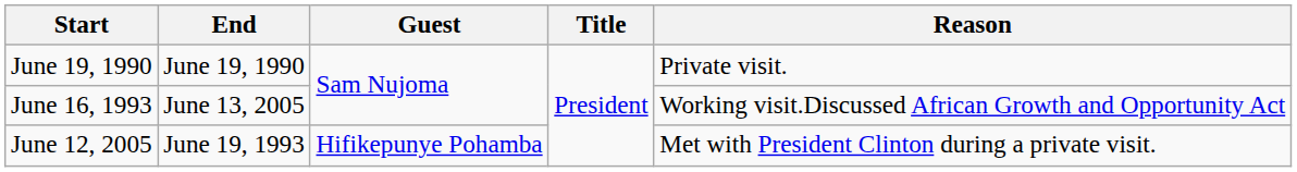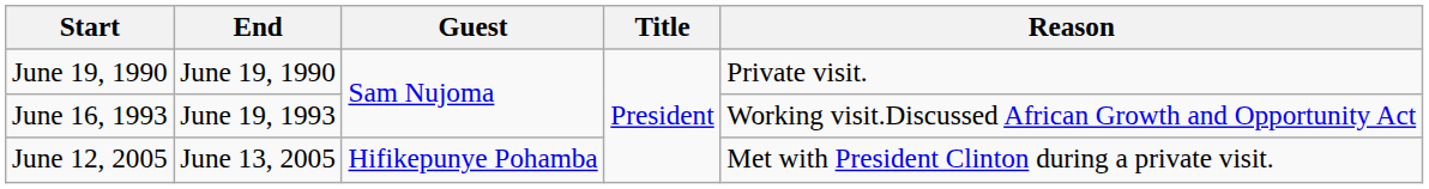 <table class="wikitable sortable">
 <tr>
 <th>Start</th>
 <th>End</th>
 <th>Guest</th>
 <th>Title</th>
 <th>Reason</th>
 </tr>
 <tr>
 <td>June 19, 1990</td>
 <td>June 19, 1990</td>
 <td rowspan=2><a href='#'>Sam Nujoma</a></td>
 <td rowspan=3><a href='#'>President</a></td>
 <td>Private visit.</td>
 </tr>
 <tr>
 <td>June 16, 1993</td>
-<td>June 13, 2005</td>
+<td>June 19, 1993</td>
 <td>Working visit.Discussed <a href='#'>African Growth and Opportunity Act</a></td>
 </tr>
 <tr>
 <td>June 12, 2005</td>
-<td>June 19, 1993</td>
+<td>June 13, 2005</td>
 <td><a href='#'>Hifikepunye Pohamba</a></td>
 <td>Met with <a href='#'>President Clinton</a> during a private visit.</td>
 </tr>
 </table>
